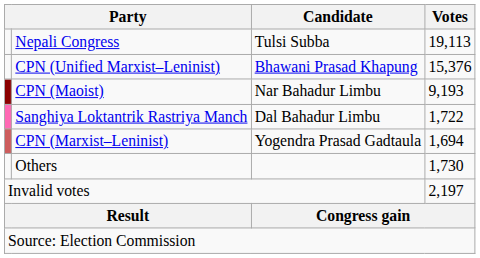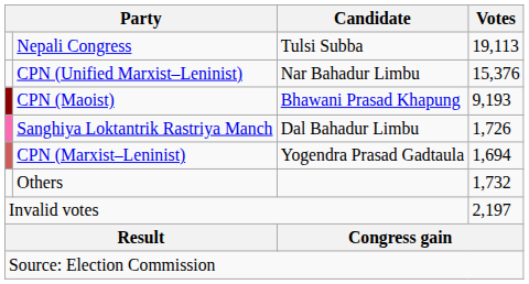 <table class="wikitable">
 <tr>
 <th colspan="2">Party</th>
 <th>Candidate</th>
 <th>Votes</th>
 </tr>
 <tr>
 <td style="background-color:"></td>
 <td><a href='#'>Nepali Congress</a></td>
 <td>Tulsi Subba</td>
 <td>19,113</td>
 </tr>
 <tr>
 <td style="background-color:"></td>
 <td><a href='#'>CPN (Unified Marxist–Leninist)</a></td>
-<td><a href='#'>Bhawani Prasad Khapung</a></td>
+<td>Nar Bahadur Limbu</td>
 <td>15,376</td>
 </tr>
 <tr>
 <td style="background-color:darkred"></td>
 <td><a href='#'>CPN (Maoist)</a></td>
-<td>Nar Bahadur Limbu</td>
+<td><a href='#'>Bhawani Prasad Khapung</a></td>
 <td>9,193</td>
 </tr>
 <tr>
 <td style="background-color:hotpink"></td>
 <td><a href='#'>Sanghiya Loktantrik Rastriya Manch</a></td>
 <td>Dal Bahadur Limbu</td>
-<td>1,722</td>
+<td>1,726</td>
 </tr>
 <tr>
 <td style="background-color:indianred"></td>
 <td><a href='#'>CPN (Marxist–Leninist)</a></td>
 <td>Yogendra Prasad Gadtaula</td>
 <td>1,694</td>
 </tr>
 <tr>
 <td></td>
 <td>Others</td>
 <td></td>
-<td>1,730</td>
+<td>1,732</td>
 </tr>
 <tr>
 <td colspan="3">Invalid votes</td>
 <td>2,197</td>
 </tr>
 <tr>
 <th colspan="2">Result</th>
 <th colspan="2">Congress gain</th>
 </tr>
 <tr>
 <td colspan="4">Source: Election Commission</td>
 </tr>
 </table>
